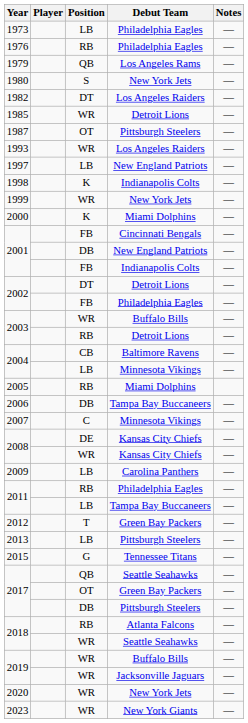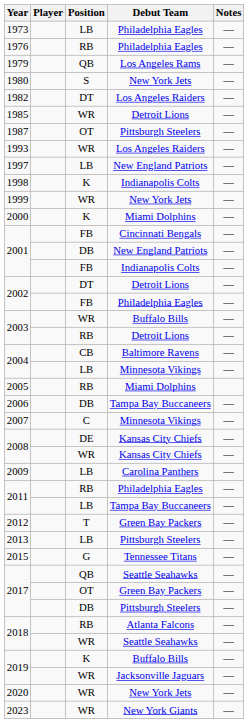 <table class="wikitable sortable" style="text-align: center;">
 <tr>
 <th>Year</th>
 <th>Player</th>
 <th>Position</th>
 <th>Debut Team</th>
 <th>Notes</th>
 </tr>
 <tr>
 <td align="center">1973</td>
 <td align="center"></td>
 <td align="center">LB</td>
 <td align="center"><a href='#'>Philadelphia Eagles</a></td>
 <td align="center">—</td>
 </tr>
 <tr>
 <td align="center">1976</td>
 <td align="center"></td>
 <td align="center">RB</td>
 <td align="center"><a href='#'>Philadelphia Eagles</a></td>
 <td align="center">—</td>
 </tr>
 <tr>
 <td align="center">1979</td>
 <td align="center"></td>
 <td align="center">QB</td>
 <td align="center"><a href='#'>Los Angeles Rams</a></td>
 <td align="center">—</td>
 </tr>
 <tr>
 <td align="center">1980</td>
 <td align="center"></td>
 <td align="center">S</td>
 <td align="center"><a href='#'>New York Jets</a></td>
 <td align="center">—</td>
 </tr>
 <tr>
 <td align="center">1982</td>
 <td align="center"></td>
 <td align="center">DT</td>
 <td align="center"><a href='#'>Los Angeles Raiders</a></td>
 <td align="center">—</td>
 </tr>
 <tr>
 <td align="center">1985</td>
 <td align="center"></td>
 <td align="center">WR</td>
 <td align="center"><a href='#'>Detroit Lions</a></td>
 <td align="center">—</td>
 </tr>
 <tr>
 <td align="center">1987</td>
 <td align="center"></td>
 <td align="center">OT</td>
 <td align="center"><a href='#'>Pittsburgh Steelers</a></td>
 <td align="center">—</td>
 </tr>
 <tr>
 <td align="center">1993</td>
 <td align="center"></td>
 <td align="center">WR</td>
 <td align="center"><a href='#'>Los Angeles Raiders</a></td>
 <td align="center">—</td>
 </tr>
 <tr>
 <td align="center">1997</td>
 <td align="center"></td>
 <td align="center">LB</td>
 <td align="center"><a href='#'>New England Patriots</a></td>
 <td align="center">—</td>
 </tr>
 <tr>
 <td align="center">1998</td>
 <td align="center"></td>
 <td align="center">K</td>
 <td align="center"><a href='#'>Indianapolis Colts</a></td>
 <td align="center">—</td>
 </tr>
 <tr>
 <td align="center">1999</td>
 <td align="center"></td>
 <td align="center">WR</td>
 <td align="center"><a href='#'>New York Jets</a></td>
 <td align="center">—</td>
 </tr>
 <tr>
 <td align="center">2000</td>
 <td align="center"></td>
 <td align="center">K</td>
 <td align="center"><a href='#'>Miami Dolphins</a></td>
 <td align="center">—</td>
 </tr>
 <tr>
 <td rowspan="3">2001</td>
 <td align="center"></td>
 <td align="center">FB</td>
 <td align="center"><a href='#'>Cincinnati Bengals</a></td>
 <td align="center">—</td>
 </tr>
 <tr>
 <td align="center"></td>
 <td align="center">DB</td>
 <td align="center"><a href='#'>New England Patriots</a></td>
 <td align="center">—</td>
 </tr>
 <tr>
 <td align="center"></td>
 <td align="center">FB</td>
 <td align="center"><a href='#'>Indianapolis Colts</a></td>
 <td align="center">—</td>
 </tr>
 <tr>
 <td rowspan="2">2002</td>
 <td align="center"></td>
 <td align="center">DT</td>
 <td align="center"><a href='#'>Detroit Lions</a></td>
 <td align="center">—</td>
 </tr>
 <tr>
 <td align="center"></td>
 <td align="center">FB</td>
 <td align="center"><a href='#'>Philadelphia Eagles</a></td>
 <td align="center">—</td>
 </tr>
 <tr>
 <td rowspan="2">2003</td>
 <td align="center"></td>
 <td align="center">WR</td>
 <td align="center"><a href='#'>Buffalo Bills</a></td>
 <td align="center">—</td>
 </tr>
 <tr>
 <td align="center"></td>
 <td align="center">RB</td>
 <td align="center"><a href='#'>Detroit Lions</a></td>
 <td align="center">—</td>
 </tr>
 <tr>
 <td rowspan="2">2004</td>
 <td align="center"></td>
 <td align="center">CB</td>
 <td align="center"><a href='#'>Baltimore Ravens</a></td>
 <td align="center">—</td>
 </tr>
 <tr>
 <td align="center"></td>
 <td align="center">LB</td>
 <td align="center"><a href='#'>Minnesota Vikings</a></td>
 <td align="center">—</td>
 </tr>
 <tr>
 <td align="center">2005</td>
 <td align="center"></td>
 <td align="center">RB</td>
 <td align="center"><a href='#'>Miami Dolphins</a></td>
 <td align="center"></td>
 </tr>
 <tr>
 <td align="center">2006</td>
 <td align="center"></td>
 <td align="center">DB</td>
 <td align="center"><a href='#'>Tampa Bay Buccaneers</a></td>
 <td align="center">—</td>
 </tr>
 <tr>
 <td align="center">2007</td>
 <td align="center"></td>
 <td align="center">C</td>
 <td align="center"><a href='#'>Minnesota Vikings</a></td>
 <td align="center">—</td>
 </tr>
 <tr>
 <td rowspan="2">2008</td>
 <td align="center"></td>
 <td align="center">DE</td>
 <td align="center"><a href='#'>Kansas City Chiefs</a></td>
 <td align="center">—</td>
 </tr>
 <tr>
 <td align="center"></td>
 <td align="center">WR</td>
 <td align="center"><a href='#'>Kansas City Chiefs</a></td>
 <td align="center">—</td>
 </tr>
 <tr>
 <td align="center">2009</td>
 <td align="center"></td>
 <td align="center">LB</td>
 <td align="center"><a href='#'>Carolina Panthers</a></td>
 <td align="center">—</td>
 </tr>
 <tr>
 <td rowspan="2">2011</td>
 <td align="center"></td>
 <td align="center">RB</td>
 <td align="center"><a href='#'>Philadelphia Eagles</a></td>
 <td align="center">—</td>
 </tr>
 <tr>
 <td align="center"></td>
 <td align="center">LB</td>
 <td align="center"><a href='#'>Tampa Bay Buccaneers</a></td>
 <td align="center">—</td>
 </tr>
 <tr>
 <td align="center">2012</td>
 <td align="center"></td>
 <td align="center">T</td>
 <td align="center"><a href='#'>Green Bay Packers</a></td>
 <td align="center">—</td>
 </tr>
 <tr>
 <td align="center">2013</td>
 <td align="center"></td>
 <td align="center">LB</td>
 <td align="center"><a href='#'>Pittsburgh Steelers</a></td>
 <td align="center">—</td>
 </tr>
 <tr>
 <td align="center">2015</td>
 <td align="center"></td>
 <td align="center">G</td>
 <td align="center"><a href='#'>Tennessee Titans</a></td>
 <td align="center">—</td>
 </tr>
 <tr>
 <td rowspan="3">2017</td>
 <td align="center"></td>
 <td align="center">QB</td>
 <td align="center"><a href='#'>Seattle Seahawks</a></td>
 <td align="center">—</td>
 </tr>
 <tr>
 <td align="center"></td>
 <td align="center">OT</td>
 <td align="center"><a href='#'>Green Bay Packers</a></td>
 <td align="center">—</td>
 </tr>
 <tr>
 <td align="center"></td>
 <td align="center">DB</td>
 <td align="center"><a href='#'>Pittsburgh Steelers</a></td>
 <td align="center">—</td>
 </tr>
 <tr>
 <td rowspan="2">2018</td>
 <td align="center"></td>
 <td align="center">RB</td>
 <td align="center"><a href='#'>Atlanta Falcons</a></td>
 <td align="center">—</td>
 </tr>
 <tr>
 <td align="center"></td>
 <td align="center">WR</td>
 <td align="center"><a href='#'>Seattle Seahawks</a></td>
 <td align="center">—</td>
 </tr>
 <tr>
 <td rowspan="2">2019</td>
 <td align="center"></td>
-<td align="center">WR</td>
+<td align="center">K</td>
 <td align="center"><a href='#'>Buffalo Bills</a></td>
 <td align="center">—</td>
 </tr>
 <tr>
 <td align="center"></td>
 <td align="center">WR</td>
 <td align="center"><a href='#'>Jacksonville Jaguars</a></td>
 <td align="center">—</td>
 </tr>
 <tr>
 <td align="center">2020</td>
 <td align="center"></td>
 <td align="center">WR</td>
 <td align="center"><a href='#'>New York Jets</a></td>
 <td align="center">—</td>
 </tr>
 <tr>
 <td align="center">2023</td>
 <td align="center"></td>
 <td align="center">WR</td>
 <td align="center"><a href='#'>New York Giants</a></td>
 <td align="center">—</td>
 </tr>
 </table>
